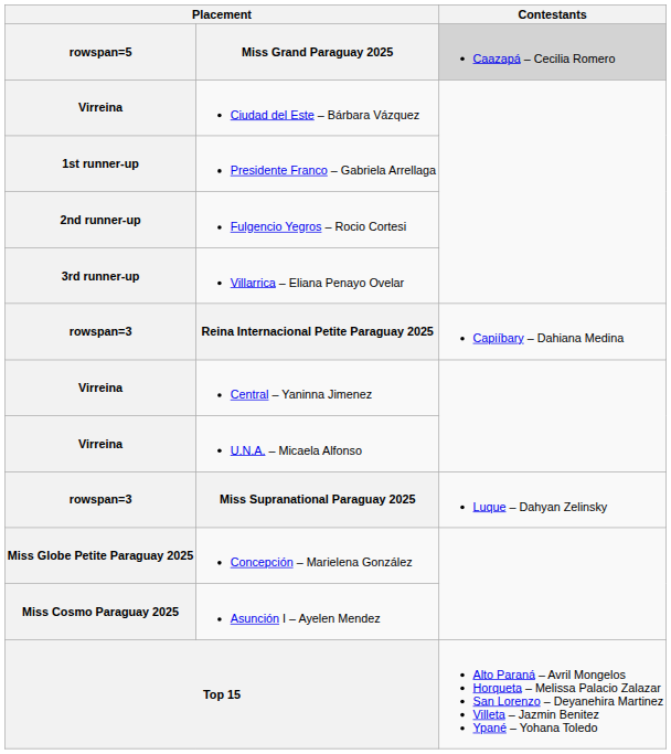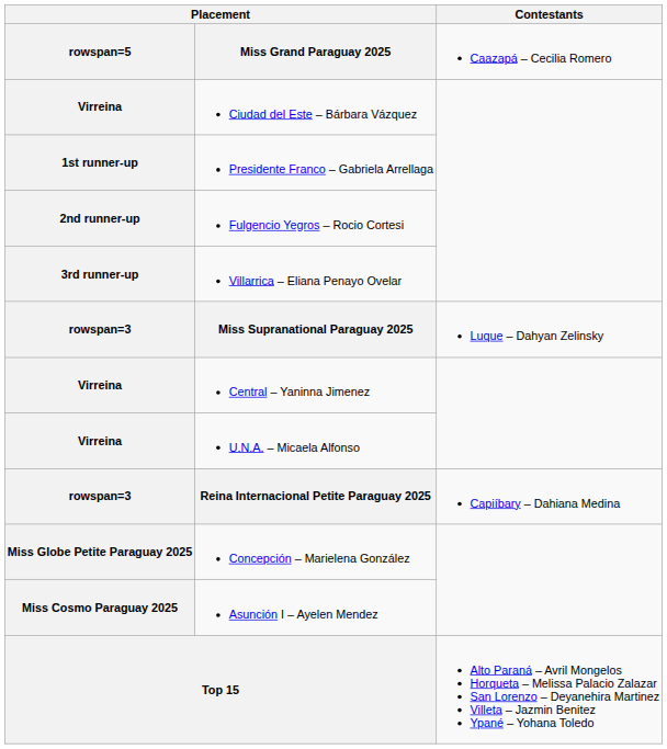 <table class="wikitable" style="font-size: 95%;">
 <tr>
 <th colspan=2>Placement</th>
 <th>Contestants</th>
 </tr>
 <tr>
 <th>rowspan=5 </th>
 <th>Miss Grand Paraguay 2025</th>
-<td style="background: lightgrey;"><br><ul><li><a href='#'>Caazapá</a> – Cecilia Romero</li></ul></td>
+<td><br><ul><li><a href='#'>Caazapá</a> – Cecilia Romero</li></ul></td>
 </tr>
 <tr>
 <th>Virreina</th>
 <td><br><ul><li><a href='#'>Ciudad del Este</a> – Bárbara Vázquez</li></ul></td>
 </tr>
 <tr>
 <th>1st runner-up</th>
 <td><br><ul><li><a href='#'>Presidente Franco</a> – Gabriela Arrellaga</li></ul></td>
 </tr>
 <tr>
 <th>2nd runner-up</th>
 <td><br><ul><li><a href='#'>Fulgencio Yegros</a> – Rocio Cortesi</li></ul></td>
 </tr>
 <tr>
 <th>3rd runner-up</th>
 <td><br><ul><li><a href='#'>Villarrica</a> – Eliana Penayo Ovelar</li></ul></td>
 </tr>
 <tr>
 <th>rowspan=3 </th>
-<th>Reina Internacional Petite Paraguay 2025</th>
-<td><br><ul><li><a href='#'>Capiíbary</a> – Dahiana Medina</li></ul></td>
+<th>Miss Supranational Paraguay 2025</th>
+<td><br><ul><li><a href='#'>Luque</a> – Dahyan Zelinsky</li></ul></td>
 </tr>
 <tr>
 <th>Virreina</th>
 <td><br><ul><li><a href='#'>Central</a> – Yaninna Jimenez</li></ul></td>
 </tr>
 <tr>
 <th>Virreina</th>
 <td><br><ul><li><a href='#'>U.N.A.</a> – Micaela Alfonso</li></ul></td>
 </tr>
 <tr>
 <th>rowspan=3 </th>
-<th>Miss Supranational Paraguay 2025</th>
-<td><br><ul><li><a href='#'>Luque</a> – Dahyan Zelinsky</li></ul></td>
+<th>Reina Internacional Petite Paraguay 2025</th>
+<td><br><ul><li><a href='#'>Capiíbary</a> – Dahiana Medina</li></ul></td>
 </tr>
 <tr>
 <th>Miss Globe Petite Paraguay 2025</th>
 <td><br><ul><li><a href='#'>Concepción</a> – Marielena González</li></ul></td>
 </tr>
 <tr>
 <th>Miss Cosmo Paraguay 2025</th>
 <td><br><ul><li><a href='#'>Asunción</a> I – Ayelen Mendez</li></ul></td>
 </tr>
 <tr>
 <th colspan=2>Top 15</th>
 <td><br><ul><li><a href='#'>Alto Paraná</a> – Avril Mongelos</li><li><a href='#'>Horqueta</a> – Melissa Palacio Zalazar</li><li><a href='#'>San Lorenzo</a> – Deyanehira Martinez</li><li><a href='#'>Villeta</a> – Jazmin Benitez</li><li><a href='#'>Ypané</a> – Yohana Toledo</li></ul></td>
 </tr>
 </table>
